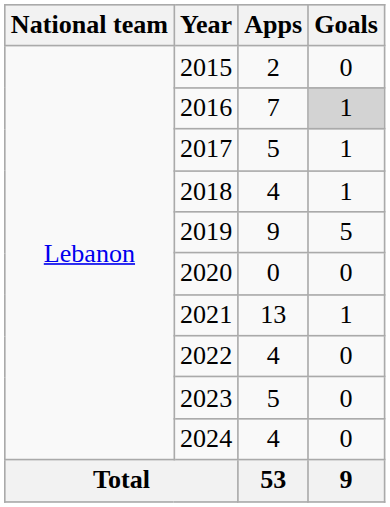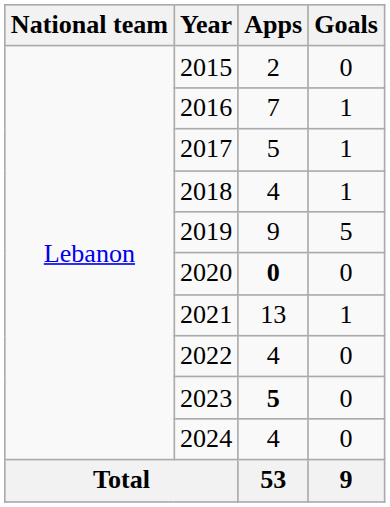 <table class="wikitable" style="text-align:center">
 <tr>
 <th>National team</th>
 <th>Year</th>
 <th>Apps</th>
 <th>Goals</th>
 </tr>
 <tr>
 <td rowspan="10"><a href='#'>Lebanon</a></td>
 <td>2015</td>
 <td>2</td>
 <td>0</td>
 </tr>
 <tr>
 <td>2016</td>
 <td>7</td>
-<td style="background: lightgrey;">1</td>
+<td>1</td>
 </tr>
 <tr>
 <td>2017</td>
 <td>5</td>
 <td>1</td>
 </tr>
 <tr>
 <td>2018</td>
 <td>4</td>
 <td>1</td>
 </tr>
 <tr>
 <td>2019</td>
 <td>9</td>
 <td>5</td>
 </tr>
 <tr>
 <td>2020</td>
-<td>0</td>
+<td><strong>0</strong></td>
 <td>0</td>
 </tr>
 <tr>
 <td>2021</td>
 <td>13</td>
 <td>1</td>
 </tr>
 <tr>
 <td>2022</td>
 <td>4</td>
 <td>0</td>
 </tr>
 <tr>
 <td>2023</td>
-<td>5</td>
+<td><strong>5</strong></td>
 <td>0</td>
 </tr>
 <tr>
 <td>2024</td>
 <td>4</td>
 <td>0</td>
 </tr>
 <tr>
 <th colspan="2">Total</th>
 <th>53</th>
 <th>9</th>
 </tr>
 </table>
